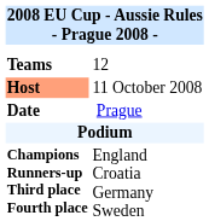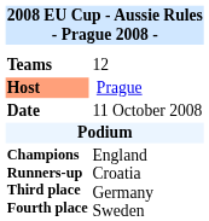 <table class="toccolours" style="float: right; margin: 0 0 1em 1em;">
 <tr>
 <td colspan="2" style="background: #D0E7FF; text-align: center;"><strong>2008 EU Cup - Aussie Rules<br>- Prague 2008 -</strong></td>
 </tr>
 <tr>
 <td colspan="2" style="text-align: center;"></td>
 </tr>
 <tr style="vertical-align:top;">
 <td colspan=2></td>
 </tr>
 <tr style="vertical-align:top;">
 <td><strong>Teams</strong></td>
 <td>12</td>
 </tr>
 <tr style="vertical-align:top;">
 <td style="background: lightsalmon;"><strong>Host</strong></td>
-<td>11 October 2008</td>
+<td> <a href='#'>Prague</a></td>
 </tr>
 <tr style="vertical-align:top;">
 <td><strong>Date</strong></td>
-<td> <a href='#'>Prague</a></td>
+<td>11 October 2008</td>
 </tr>
 <tr>
 <td colspan="2" style="background: #EBF5FF; text-align: center;"><strong>Podium</strong></td>
 </tr>
 <tr style="vertical-align:top;">
 <td style=font-size:90%><strong>Champions</strong> <br><strong>Runners-up</strong> <br><strong>Third place</strong> <br><strong>Fourth place</strong></td>
 <td> England<br> Croatia<br> Germany<br> Sweden</td>
 </tr>
 </table>
